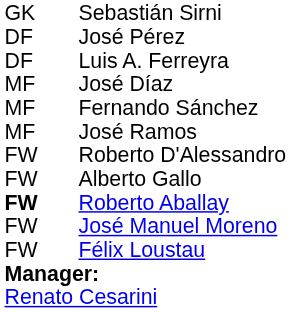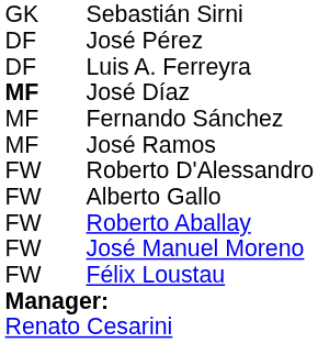 <table style="font-size:90%; margin:0.2em auto;" cellspacing="0" cellpadding="0">
 <tr>
 <th width="25"></th>
 <th width="25"></th>
 </tr>
 <tr>
 <td>GK</td>
 <td></td>
 <td> Sebastián Sirni</td>
 </tr>
 <tr>
 <td>DF</td>
 <td></td>
 <td> José Pérez</td>
 </tr>
 <tr>
 <td>DF</td>
 <td></td>
 <td> Luis A. Ferreyra</td>
 </tr>
 <tr>
-<td>MF</td>
+<td><strong>MF</strong></td>
 <td></td>
 <td> José Díaz</td>
 </tr>
 <tr>
 <td>MF</td>
 <td></td>
 <td> Fernando Sánchez</td>
 </tr>
 <tr>
 <td>MF</td>
 <td></td>
 <td> José Ramos</td>
 </tr>
 <tr>
 <td>FW</td>
 <td></td>
 <td> Roberto D'Alessandro</td>
 </tr>
 <tr>
 <td>FW</td>
 <td></td>
 <td> Alberto Gallo</td>
 </tr>
 <tr>
-<td><strong>FW</strong></td>
+<td>FW</td>
 <td></td>
 <td> <a href='#'>Roberto Aballay</a></td>
 </tr>
 <tr>
 <td>FW</td>
 <td></td>
 <td> <a href='#'>José Manuel Moreno</a></td>
 </tr>
 <tr>
 <td>FW</td>
 <td></td>
 <td> <a href='#'>Félix Loustau</a></td>
 </tr>
 <tr>
 <td colspan=4><strong>Manager:</strong></td>
 </tr>
 <tr>
 <td colspan="4"> <a href='#'>Renato Cesarini</a></td>
 </tr>
 </table>
